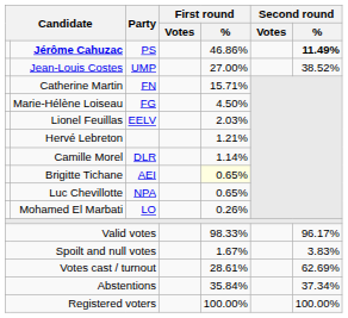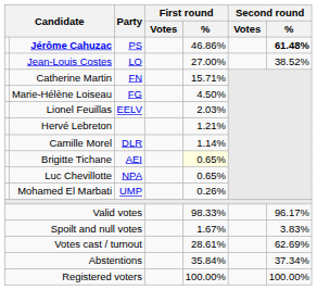 <table class="wikitable" style="text-align:right;font-size:95%;">
 <tr>
 <th rowspan=2 colspan=2>Candidate</th>
 <th rowspan=2 colspan=1>Party</th>
 <th colspan=2>First round</th>
 <th colspan=2>Second round</th>
 </tr>
 <tr>
 <th style="width:50px;">Votes</th>
 <th style="width:55px;">%</th>
 <th style="width:50px;">Votes</th>
 <th style="width:55px;">%</th>
 </tr>
 <tr>
 <td style="background-color:"></td>
 <td><strong><a href='#'>Jérôme Cahuzac</a></strong></td>
 <td><a href='#'>PS</a></td>
 <td></td>
 <td>46.86%</td>
 <td><strong></strong></td>
-<td><strong>11.49%</strong></td>
+<td><strong>61.48%</strong></td>
 </tr>
 <tr>
 <td style="background-color:"></td>
 <td><a href='#'>Jean-Louis Costes</a></td>
-<td><a href='#'>UMP</a></td>
+<td><a href='#'>LO</a></td>
 <td></td>
 <td>27.00%</td>
 <td></td>
 <td>38.52%</td>
 </tr>
 <tr>
 <td style="background-color:"></td>
 <td>Catherine Martin</td>
 <td><a href='#'>FN</a></td>
 <td></td>
 <td>15.71%</td>
 <td colspan=7 rowspan=8 style="background-color:#E9E9E9;"></td>
 </tr>
 <tr>
 <td style="background-color:"></td>
 <td>Marie-Hélène Loiseau</td>
 <td><a href='#'>FG</a></td>
 <td></td>
 <td>4.50%</td>
 </tr>
 <tr>
 <td style="background-color:"></td>
 <td>Lionel Feuillas</td>
 <td><a href='#'>EELV</a></td>
 <td></td>
 <td>2.03%</td>
 </tr>
 <tr>
 <td style="background-color:;"></td>
 <td>Hervé Lebreton</td>
 <td></td>
 <td></td>
 <td>1.21%</td>
 </tr>
 <tr>
 <td style="background-color:"></td>
 <td>Camille Morel</td>
 <td><a href='#'>DLR</a></td>
 <td></td>
 <td>1.14%</td>
 </tr>
 <tr>
 <td style="background-color:"></td>
 <td>Brigitte Tichane</td>
 <td><a href='#'>AEI</a></td>
 <td></td>
 <td style="background: lightyellow;">0.65%</td>
 </tr>
 <tr>
 <td style="background-color:"></td>
 <td>Luc Chevillotte</td>
 <td><a href='#'>NPA</a></td>
 <td></td>
 <td>0.65%</td>
 </tr>
 <tr>
 <td style="background-color:"></td>
 <td>Mohamed El Marbati</td>
-<td><a href='#'>LO</a></td>
+<td><a href='#'>UMP</a></td>
 <td></td>
 <td>0.26%</td>
 </tr>
 <tr>
 <td colspan=7 style="background-color:#E9E9E9;"></td>
 </tr>
 <tr>
 <td colspan=3>Valid votes</td>
 <td></td>
 <td>98.33%</td>
 <td></td>
 <td>96.17%</td>
 </tr>
 <tr>
 <td colspan=3>Spoilt and null votes</td>
 <td></td>
 <td>1.67%</td>
 <td></td>
 <td>3.83%</td>
 </tr>
 <tr>
 <td colspan=3>Votes cast / turnout</td>
 <td></td>
 <td>28.61%</td>
 <td></td>
 <td>62.69%</td>
 </tr>
 <tr>
 <td colspan=3>Abstentions</td>
 <td></td>
 <td>35.84%</td>
 <td></td>
 <td>37.34%</td>
 </tr>
 <tr>
 <td colspan=3>Registered voters</td>
 <td></td>
 <td>100.00%</td>
 <td></td>
 <td>100.00%</td>
 </tr>
 </table>
